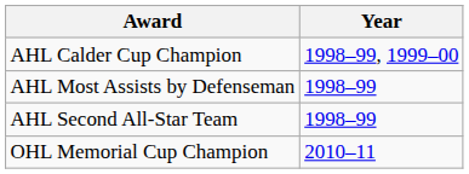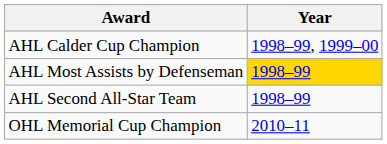 <table class="wikitable">
 <tr>
 <th>Award</th>
 <th>Year</th>
 </tr>
 <tr>
 <td>AHL Calder Cup Champion</td>
 <td><a href='#'>1998–99</a>, <a href='#'>1999–00</a></td>
 </tr>
 <tr>
 <td>AHL Most Assists by Defenseman</td>
-<td><a href='#'>1998–99</a></td>
+<td style="background: gold;"><a href='#'>1998–99</a></td>
 </tr>
 <tr>
 <td>AHL Second All-Star Team</td>
 <td><a href='#'>1998–99</a></td>
 </tr>
 <tr>
 <td>OHL Memorial Cup Champion</td>
 <td><a href='#'>2010–11</a></td>
 </tr>
 </table>
